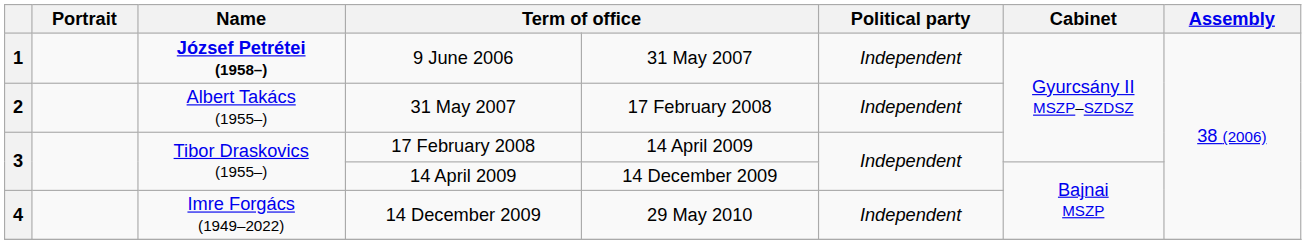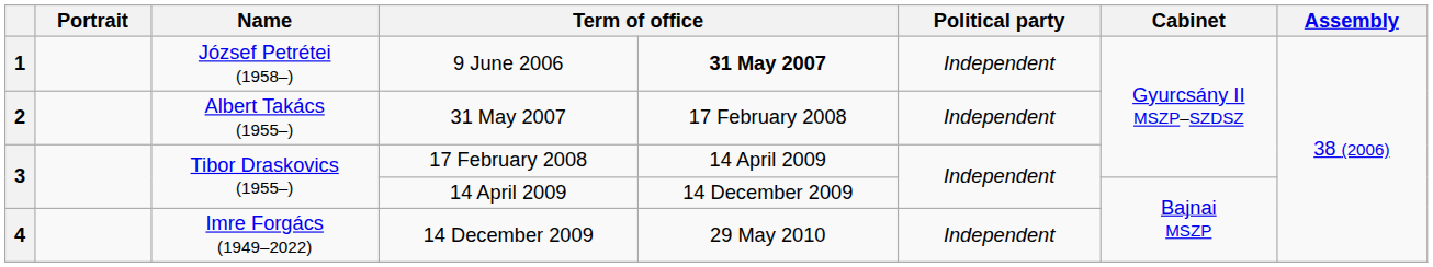 <table class="wikitable" style="width:90%; text-align:center;">
 <tr>
 <th></th>
 <th>Portrait</th>
 <th>Name<br></th>
 <th colspan=2>Term of office</th>
 <th>Political party</th>
 <th>Cabinet</th>
 <th><a href='#'>Assembly</a><br></th>
 </tr>
 <tr>
 <th style="background:">1</th>
 <td></td>
-<td><strong><a href='#'>József Petrétei</a><br><small>(1958–)</small></strong></td>
+<td><a href='#'>József Petrétei</a><br><small>(1958–)</small></td>
 <td>9 June 2006</td>
-<td>31 May 2007</td>
+<td><strong>31 May 2007</strong></td>
 <td><em>Independent</em></td>
 <td rowspan="3"><a href='#'>Gyurcsány II</a><br><small><a href='#'>MSZP</a>–<a href='#'>SZDSZ</a></small></td>
 <td rowspan="5"><a href='#'>38 <small>(2006)</small></a></td>
 </tr>
 <tr>
 <th style="background:">2</th>
 <td></td>
 <td><a href='#'>Albert Takács</a><br><small>(1955–)</small></td>
 <td>31 May 2007</td>
 <td>17 February 2008</td>
 <td><em>Independent</em></td>
 </tr>
 <tr>
 <th rowspan="2" style="background:">3</th>
 <td rowspan="2"></td>
 <td rowspan="2"><a href='#'>Tibor Draskovics</a><br><small>(1955–)</small></td>
 <td>17 February 2008</td>
 <td>14 April 2009</td>
 <td rowspan="2"><em>Independent</em></td>
 </tr>
 <tr>
 <td>14 April 2009</td>
 <td>14 December 2009</td>
 <td rowspan="2"><a href='#'>Bajnai</a><br><small><a href='#'>MSZP</a></small></td>
 </tr>
 <tr>
 <th style="background:">4</th>
 <td></td>
 <td><a href='#'>Imre Forgács</a><br><small>(1949–2022)</small></td>
 <td>14 December 2009</td>
 <td>29 May 2010</td>
 <td><em>Independent</em></td>
 </tr>
 <tr>
 </tr>
 </table>
